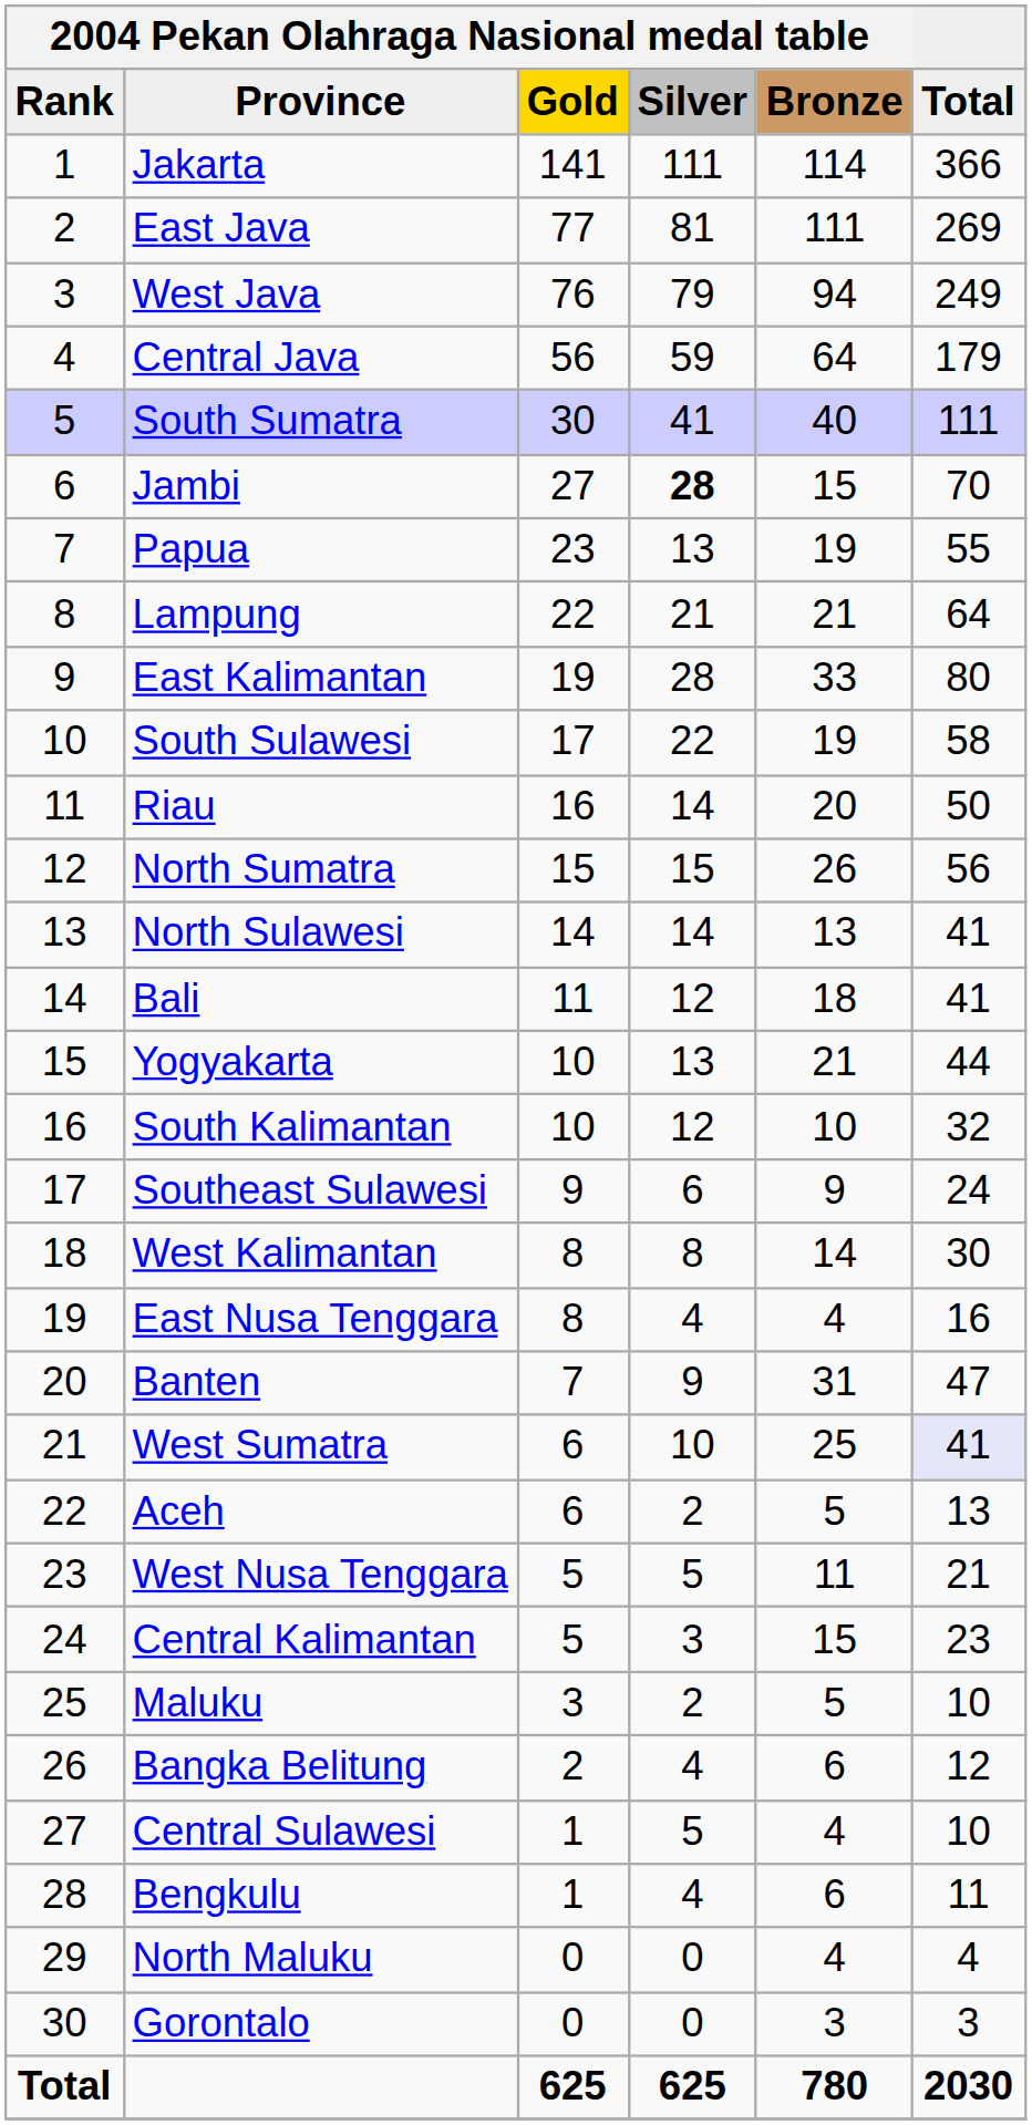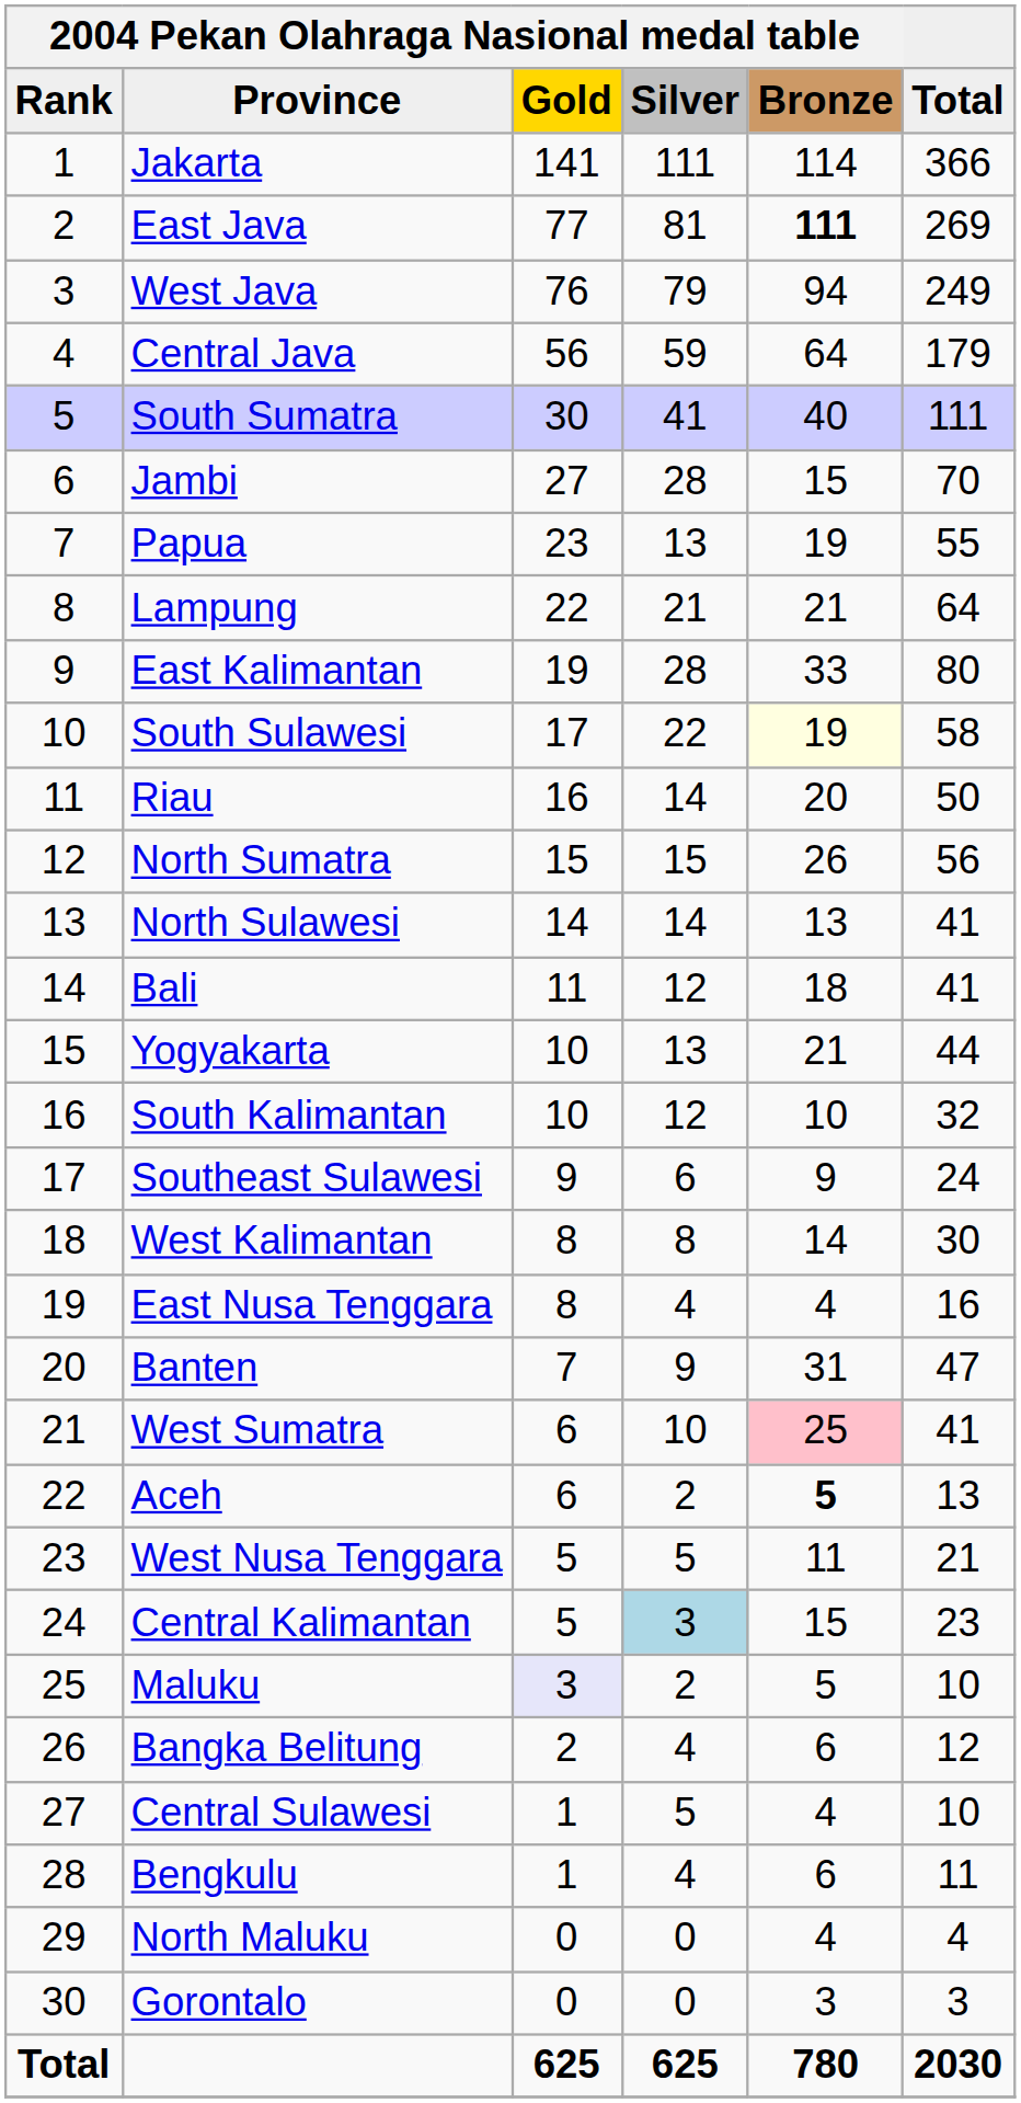 <table class="wikitable" style="text-align:center">
 <tr bgcolor="#efefef">
 <th colspan=5 style="border-right:0px;";>2004 Pekan Olahraga Nasional medal table</th>
 <td style="border-left:0px";></td>
 </tr>
 <tr bgcolor="#efefef">
 <td><strong>Rank</strong></td>
 <td><strong>Province</strong></td>
 <td bgcolor="gold"><strong>Gold</strong></td>
 <td bgcolor="silver"><strong>Silver</strong></td>
 <td bgcolor="CC9966"><strong>Bronze</strong></td>
 <td><strong>Total</strong></td>
 </tr>
 <tr>
 <td>1</td>
 <td style="text-align:left"><a href='#'>Jakarta</a></td>
 <td>141</td>
 <td>111</td>
 <td>114</td>
 <td>366</td>
 </tr>
 <tr>
 <td>2</td>
 <td style="text-align:left"><a href='#'>East Java</a></td>
 <td>77</td>
 <td>81</td>
-<td>111</td>
+<td><strong>111</strong></td>
 <td>269</td>
 </tr>
 <tr>
 <td>3</td>
 <td style="text-align:left"><a href='#'>West Java</a></td>
 <td>76</td>
 <td>79</td>
 <td>94</td>
 <td>249</td>
 </tr>
 <tr>
 <td>4</td>
 <td style="text-align:left"><a href='#'>Central Java</a></td>
 <td>56</td>
 <td>59</td>
 <td>64</td>
 <td>179</td>
 </tr>
 <tr style="background:#ccccff">
 <td>5</td>
 <td style="text-align:left"><a href='#'>South Sumatra</a></td>
 <td>30</td>
 <td>41</td>
 <td>40</td>
 <td>111</td>
 </tr>
 <tr>
 <td>6</td>
 <td style="text-align:left"><a href='#'>Jambi</a></td>
 <td>27</td>
-<td><strong>28</strong></td>
+<td>28</td>
 <td>15</td>
 <td>70</td>
 </tr>
 <tr>
 <td>7</td>
 <td style="text-align:left"><a href='#'>Papua</a></td>
 <td>23</td>
 <td>13</td>
 <td>19</td>
 <td>55</td>
 </tr>
 <tr>
 <td>8</td>
 <td style="text-align:left"><a href='#'>Lampung</a></td>
 <td>22</td>
 <td>21</td>
 <td>21</td>
 <td>64</td>
 </tr>
 <tr>
 <td>9</td>
 <td style="text-align:left"><a href='#'>East Kalimantan</a></td>
 <td>19</td>
 <td>28</td>
 <td>33</td>
 <td>80</td>
 </tr>
 <tr>
 <td>10</td>
 <td style="text-align:left"><a href='#'>South Sulawesi</a></td>
 <td>17</td>
 <td>22</td>
-<td>19</td>
+<td style="background: lightyellow;">19</td>
 <td>58</td>
 </tr>
 <tr>
 <td>11</td>
 <td style="text-align:left"><a href='#'>Riau</a></td>
 <td>16</td>
 <td>14</td>
 <td>20</td>
 <td>50</td>
 </tr>
 <tr>
 <td>12</td>
 <td style="text-align:left"><a href='#'>North Sumatra</a></td>
 <td>15</td>
 <td>15</td>
 <td>26</td>
 <td>56</td>
 </tr>
 <tr>
 <td>13</td>
 <td style="text-align:left"><a href='#'>North Sulawesi</a></td>
 <td>14</td>
 <td>14</td>
 <td>13</td>
 <td>41</td>
 </tr>
 <tr>
 <td>14</td>
 <td style="text-align:left"><a href='#'>Bali</a></td>
 <td>11</td>
 <td>12</td>
 <td>18</td>
 <td>41</td>
 </tr>
 <tr>
 <td>15</td>
 <td style="text-align:left"><a href='#'>Yogyakarta</a></td>
 <td>10</td>
 <td>13</td>
 <td>21</td>
 <td>44</td>
 </tr>
 <tr>
 <td>16</td>
 <td style="text-align:left"><a href='#'>South Kalimantan</a></td>
 <td>10</td>
 <td>12</td>
 <td>10</td>
 <td>32</td>
 </tr>
 <tr>
 <td>17</td>
 <td style="text-align:left"><a href='#'>Southeast Sulawesi</a></td>
 <td>9</td>
 <td>6</td>
 <td>9</td>
 <td>24</td>
 </tr>
 <tr>
 <td>18</td>
 <td style="text-align:left"><a href='#'>West Kalimantan</a></td>
 <td>8</td>
 <td>8</td>
 <td>14</td>
 <td>30</td>
 </tr>
 <tr>
 <td>19</td>
 <td style="text-align:left"><a href='#'>East Nusa Tenggara</a></td>
 <td>8</td>
 <td>4</td>
 <td>4</td>
 <td>16</td>
 </tr>
 <tr>
 <td>20</td>
 <td style="text-align:left"><a href='#'>Banten</a></td>
 <td>7</td>
 <td>9</td>
 <td>31</td>
 <td>47</td>
 </tr>
 <tr>
 <td>21</td>
 <td style="text-align:left"><a href='#'>West Sumatra</a></td>
 <td>6</td>
 <td>10</td>
-<td>25</td>
-<td style="background: lavender;">41</td>
+<td style="background: pink;">25</td>
+<td>41</td>
 </tr>
 <tr>
 <td>22</td>
 <td style="text-align:left"><a href='#'>Aceh</a></td>
 <td>6</td>
 <td>2</td>
-<td>5</td>
+<td><strong>5</strong></td>
 <td>13</td>
 </tr>
 <tr>
 <td>23</td>
 <td style="text-align:left"><a href='#'>West Nusa Tenggara</a></td>
 <td>5</td>
 <td>5</td>
 <td>11</td>
 <td>21</td>
 </tr>
 <tr>
 <td>24</td>
 <td style="text-align:left"><a href='#'>Central Kalimantan</a></td>
 <td>5</td>
-<td>3</td>
+<td style="background: lightblue;">3</td>
 <td>15</td>
 <td>23</td>
 </tr>
 <tr>
 <td>25</td>
 <td style="text-align:left"><a href='#'>Maluku</a></td>
-<td>3</td>
+<td style="background: lavender;">3</td>
 <td>2</td>
 <td>5</td>
 <td>10</td>
 </tr>
 <tr>
 <td>26</td>
 <td style="text-align:left"><a href='#'>Bangka Belitung</a></td>
 <td>2</td>
 <td>4</td>
 <td>6</td>
 <td>12</td>
 </tr>
 <tr>
 <td>27</td>
 <td style="text-align:left"><a href='#'>Central Sulawesi</a></td>
 <td>1</td>
 <td>5</td>
 <td>4</td>
 <td>10</td>
 </tr>
 <tr>
 <td>28</td>
 <td style="text-align:left"><a href='#'>Bengkulu</a></td>
 <td>1</td>
 <td>4</td>
 <td>6</td>
 <td>11</td>
 </tr>
 <tr>
 <td>29</td>
 <td style="text-align:left"><a href='#'>North Maluku</a></td>
 <td>0</td>
 <td>0</td>
 <td>4</td>
 <td>4</td>
 </tr>
 <tr>
 <td>30</td>
 <td style="text-align:left"><a href='#'>Gorontalo</a></td>
 <td>0</td>
 <td>0</td>
 <td>3</td>
 <td>3<br></td>
 </tr>
 <tr>
 <td><strong>Total</strong></td>
 <td></td>
 <td><strong>625</strong></td>
 <td><strong>625</strong></td>
 <td><strong>780</strong></td>
 <td><strong>2030</strong></td>
 </tr>
 <tr>
 </tr>
 </table>
